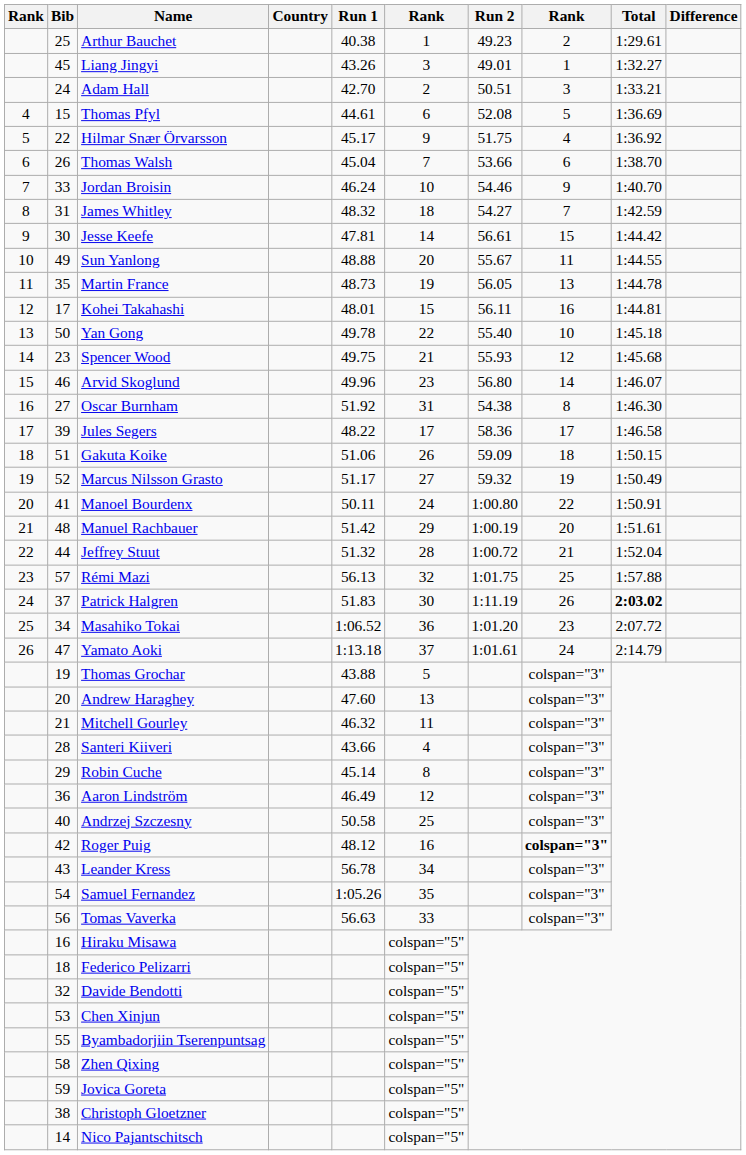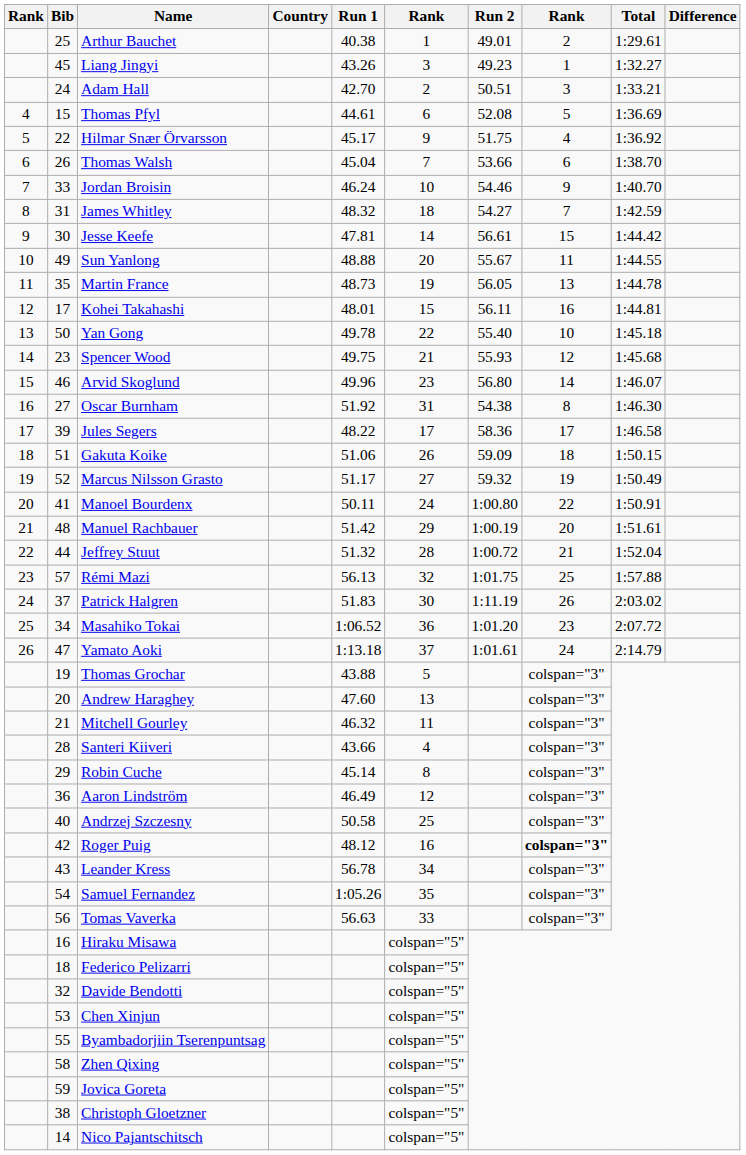 <table class="wikitable sortable" style="text-align:center">
 <tr>
 <th>Rank</th>
 <th>Bib</th>
 <th>Name</th>
 <th>Country</th>
 <th>Run 1</th>
 <th>Rank</th>
 <th>Run 2</th>
 <th>Rank</th>
 <th>Total</th>
 <th>Difference</th>
 </tr>
 <tr>
 <td></td>
 <td>25</td>
 <td align="left"><a href='#'>Arthur Bauchet</a></td>
 <td align="left"></td>
 <td>40.38</td>
 <td>1</td>
-<td>49.23</td>
+<td>49.01</td>
 <td>2</td>
 <td>1:29.61</td>
 <td></td>
 </tr>
 <tr>
 <td></td>
 <td>45</td>
 <td align="left"><a href='#'>Liang Jingyi</a></td>
 <td align="left"></td>
 <td>43.26</td>
 <td>3</td>
-<td>49.01</td>
+<td>49.23</td>
 <td>1</td>
 <td>1:32.27</td>
 <td></td>
 </tr>
 <tr>
 <td></td>
 <td>24</td>
 <td align="left"><a href='#'>Adam Hall</a></td>
 <td align="left"></td>
 <td>42.70</td>
 <td>2</td>
 <td>50.51</td>
 <td>3</td>
 <td>1:33.21</td>
 <td></td>
 </tr>
 <tr>
 <td>4</td>
 <td>15</td>
 <td align="left"><a href='#'>Thomas Pfyl</a></td>
 <td align="left"></td>
 <td>44.61</td>
 <td>6</td>
 <td>52.08</td>
 <td>5</td>
 <td>1:36.69</td>
 <td></td>
 </tr>
 <tr>
 <td>5</td>
 <td>22</td>
 <td align="left"><a href='#'>Hilmar Snær Örvarsson</a></td>
 <td align="left"></td>
 <td>45.17</td>
 <td>9</td>
 <td>51.75</td>
 <td>4</td>
 <td>1:36.92</td>
 <td></td>
 </tr>
 <tr>
 <td>6</td>
 <td>26</td>
 <td align="left"><a href='#'>Thomas Walsh</a></td>
 <td align="left"></td>
 <td>45.04</td>
 <td>7</td>
 <td>53.66</td>
 <td>6</td>
 <td>1:38.70</td>
 <td></td>
 </tr>
 <tr>
 <td>7</td>
 <td>33</td>
 <td align="left"><a href='#'>Jordan Broisin</a></td>
 <td align="left"></td>
 <td>46.24</td>
 <td>10</td>
 <td>54.46</td>
 <td>9</td>
 <td>1:40.70</td>
 <td></td>
 </tr>
 <tr>
 <td>8</td>
 <td>31</td>
 <td align="left"><a href='#'>James Whitley</a></td>
 <td align="left"></td>
 <td>48.32</td>
 <td>18</td>
 <td>54.27</td>
 <td>7</td>
 <td>1:42.59</td>
 <td></td>
 </tr>
 <tr>
 <td>9</td>
 <td>30</td>
 <td align="left"><a href='#'>Jesse Keefe</a></td>
 <td align="left"></td>
 <td>47.81</td>
 <td>14</td>
 <td>56.61</td>
 <td>15</td>
 <td>1:44.42</td>
 <td></td>
 </tr>
 <tr>
 <td>10</td>
 <td>49</td>
 <td align="left"><a href='#'>Sun Yanlong</a></td>
 <td align="left"></td>
 <td>48.88</td>
 <td>20</td>
 <td>55.67</td>
 <td>11</td>
 <td>1:44.55</td>
 <td></td>
 </tr>
 <tr>
 <td>11</td>
 <td>35</td>
 <td align="left"><a href='#'>Martin France</a></td>
 <td align="left"></td>
 <td>48.73</td>
 <td>19</td>
 <td>56.05</td>
 <td>13</td>
 <td>1:44.78</td>
 <td></td>
 </tr>
 <tr>
 <td>12</td>
 <td>17</td>
 <td align="left"><a href='#'>Kohei Takahashi</a></td>
 <td align="left"></td>
 <td>48.01</td>
 <td>15</td>
 <td>56.11</td>
 <td>16</td>
 <td>1:44.81</td>
 <td></td>
 </tr>
 <tr>
 <td>13</td>
 <td>50</td>
 <td align="left"><a href='#'>Yan Gong</a></td>
 <td align="left"></td>
 <td>49.78</td>
 <td>22</td>
 <td>55.40</td>
 <td>10</td>
 <td>1:45.18</td>
 <td></td>
 </tr>
 <tr>
 <td>14</td>
 <td>23</td>
 <td align="left"><a href='#'>Spencer Wood</a></td>
 <td align="left"></td>
 <td>49.75</td>
 <td>21</td>
 <td>55.93</td>
 <td>12</td>
 <td>1:45.68</td>
 <td></td>
 </tr>
 <tr>
 <td>15</td>
 <td>46</td>
 <td align="left"><a href='#'>Arvid Skoglund</a></td>
 <td align="left"></td>
 <td>49.96</td>
 <td>23</td>
 <td>56.80</td>
 <td>14</td>
 <td>1:46.07</td>
 <td></td>
 </tr>
 <tr>
 <td>16</td>
 <td>27</td>
 <td align="left"><a href='#'>Oscar Burnham</a></td>
 <td align="left"></td>
 <td>51.92</td>
 <td>31</td>
 <td>54.38</td>
 <td>8</td>
 <td>1:46.30</td>
 <td></td>
 </tr>
 <tr>
 <td>17</td>
 <td>39</td>
 <td align="left"><a href='#'>Jules Segers</a></td>
 <td align="left"></td>
 <td>48.22</td>
 <td>17</td>
 <td>58.36</td>
 <td>17</td>
 <td>1:46.58</td>
 <td></td>
 </tr>
 <tr>
 <td>18</td>
 <td>51</td>
 <td align="left"><a href='#'>Gakuta Koike</a></td>
 <td align="left"></td>
 <td>51.06</td>
 <td>26</td>
 <td>59.09</td>
 <td>18</td>
 <td>1:50.15</td>
 <td></td>
 </tr>
 <tr>
 <td>19</td>
 <td>52</td>
 <td align="left"><a href='#'>Marcus Nilsson Grasto</a></td>
 <td align="left"></td>
 <td>51.17</td>
 <td>27</td>
 <td>59.32</td>
 <td>19</td>
 <td>1:50.49</td>
 <td></td>
 </tr>
 <tr>
 <td>20</td>
 <td>41</td>
 <td align="left"><a href='#'>Manoel Bourdenx</a></td>
 <td align="left"></td>
 <td>50.11</td>
 <td>24</td>
 <td>1:00.80</td>
 <td>22</td>
 <td>1:50.91</td>
 <td></td>
 </tr>
 <tr>
 <td>21</td>
 <td>48</td>
 <td align="left"><a href='#'>Manuel Rachbauer</a></td>
 <td align="left"></td>
 <td>51.42</td>
 <td>29</td>
 <td>1:00.19</td>
 <td>20</td>
 <td>1:51.61</td>
 <td></td>
 </tr>
 <tr>
 <td>22</td>
 <td>44</td>
 <td align="left"><a href='#'>Jeffrey Stuut</a></td>
 <td align="left"></td>
 <td>51.32</td>
 <td>28</td>
 <td>1:00.72</td>
 <td>21</td>
 <td>1:52.04</td>
 <td></td>
 </tr>
 <tr>
 <td>23</td>
 <td>57</td>
 <td align="left"><a href='#'>Rémi Mazi</a></td>
 <td align="left"></td>
 <td>56.13</td>
 <td>32</td>
 <td>1:01.75</td>
 <td>25</td>
 <td>1:57.88</td>
 <td></td>
 </tr>
 <tr>
 <td>24</td>
 <td>37</td>
 <td align="left"><a href='#'>Patrick Halgren</a></td>
 <td align="left"></td>
 <td>51.83</td>
 <td>30</td>
 <td>1:11.19</td>
 <td>26</td>
-<td><strong>2:03.02</strong></td>
+<td>2:03.02</td>
 <td></td>
 </tr>
 <tr>
 <td>25</td>
 <td>34</td>
 <td align="left"><a href='#'>Masahiko Tokai</a></td>
 <td align="left"></td>
 <td>1:06.52</td>
 <td>36</td>
 <td>1:01.20</td>
 <td>23</td>
 <td>2:07.72</td>
 <td></td>
 </tr>
 <tr>
 <td>26</td>
 <td>47</td>
 <td align="left"><a href='#'>Yamato Aoki</a></td>
 <td align="left"></td>
 <td>1:13.18</td>
 <td>37</td>
 <td>1:01.61</td>
 <td>24</td>
 <td>2:14.79</td>
 <td></td>
 </tr>
 <tr>
 <td></td>
 <td>19</td>
 <td align="left"><a href='#'>Thomas Grochar</a></td>
 <td align="left"></td>
 <td>43.88</td>
 <td>5</td>
 <td></td>
 <td>colspan="3" </td>
 </tr>
 <tr>
 <td></td>
 <td>20</td>
 <td align="left"><a href='#'>Andrew Haraghey</a></td>
 <td align="left"></td>
 <td>47.60</td>
 <td>13</td>
 <td></td>
 <td>colspan="3" </td>
 </tr>
 <tr>
 <td></td>
 <td>21</td>
 <td align="left"><a href='#'>Mitchell Gourley</a></td>
 <td align="left"></td>
 <td>46.32</td>
 <td>11</td>
 <td></td>
 <td>colspan="3" </td>
 </tr>
 <tr>
 <td></td>
 <td>28</td>
 <td align="left"><a href='#'>Santeri Kiiveri</a></td>
 <td align="left"></td>
 <td>43.66</td>
 <td>4</td>
 <td></td>
 <td>colspan="3" </td>
 </tr>
 <tr>
 <td></td>
 <td>29</td>
 <td align="left"><a href='#'>Robin Cuche</a></td>
 <td align="left"></td>
 <td>45.14</td>
 <td>8</td>
 <td></td>
 <td>colspan="3" </td>
 </tr>
 <tr>
 <td></td>
 <td>36</td>
 <td align="left"><a href='#'>Aaron Lindström</a></td>
 <td align="left"></td>
 <td>46.49</td>
 <td>12</td>
 <td></td>
 <td>colspan="3" </td>
 </tr>
 <tr>
 <td></td>
 <td>40</td>
 <td align="left"><a href='#'>Andrzej Szczesny</a></td>
 <td align="left"></td>
 <td>50.58</td>
 <td>25</td>
 <td></td>
 <td>colspan="3" </td>
 </tr>
 <tr>
 <td></td>
 <td>42</td>
 <td align="left"><a href='#'>Roger Puig</a></td>
 <td align="left"></td>
 <td>48.12</td>
 <td>16</td>
 <td></td>
 <td><strong>colspan="3" </strong></td>
 </tr>
 <tr>
 <td></td>
 <td>43</td>
 <td align="left"><a href='#'>Leander Kress</a></td>
 <td align="left"></td>
 <td>56.78</td>
 <td>34</td>
 <td></td>
 <td>colspan="3" </td>
 </tr>
 <tr>
 <td></td>
 <td>54</td>
 <td align="left"><a href='#'>Samuel Fernandez</a></td>
 <td align="left"></td>
 <td>1:05.26</td>
 <td>35</td>
 <td></td>
 <td>colspan="3" </td>
 </tr>
 <tr>
 <td></td>
 <td>56</td>
 <td align="left"><a href='#'>Tomas Vaverka</a></td>
 <td align="left"></td>
 <td>56.63</td>
 <td>33</td>
 <td></td>
 <td>colspan="3" </td>
 </tr>
 <tr>
 <td></td>
 <td>16</td>
 <td align="left"><a href='#'>Hiraku Misawa</a></td>
 <td align="left"></td>
 <td></td>
 <td>colspan="5" </td>
 </tr>
 <tr>
 <td></td>
 <td>18</td>
 <td align="left"><a href='#'>Federico Pelizarri</a></td>
 <td align="left"></td>
 <td></td>
 <td>colspan="5" </td>
 </tr>
 <tr>
 <td></td>
 <td>32</td>
 <td align="left"><a href='#'>Davide Bendotti</a></td>
 <td align="left"></td>
 <td></td>
 <td>colspan="5" </td>
 </tr>
 <tr>
 <td></td>
 <td>53</td>
 <td align="left"><a href='#'>Chen Xinjun</a></td>
 <td align="left"></td>
 <td></td>
 <td>colspan="5" </td>
 </tr>
 <tr>
 <td></td>
 <td>55</td>
 <td align="left"><a href='#'>Byambadorjiin Tserenpuntsag</a></td>
 <td align="left"></td>
 <td></td>
 <td>colspan="5" </td>
 </tr>
 <tr>
 <td></td>
 <td>58</td>
 <td align="left"><a href='#'>Zhen Qixing</a></td>
 <td align="left"></td>
 <td></td>
 <td>colspan="5" </td>
 </tr>
 <tr>
 <td></td>
 <td>59</td>
 <td align="left"><a href='#'>Jovica Goreta</a></td>
 <td align="left"></td>
 <td></td>
 <td>colspan="5" </td>
 </tr>
 <tr>
 <td></td>
 <td>38</td>
 <td align="left"><a href='#'>Christoph Gloetzner</a></td>
 <td align="left"></td>
 <td></td>
 <td>colspan="5" </td>
 </tr>
 <tr>
 <td></td>
 <td>14</td>
 <td align="left"><a href='#'>Nico Pajantschitsch</a></td>
 <td align="left"></td>
 <td></td>
 <td>colspan="5" </td>
 </tr>
 </table>
